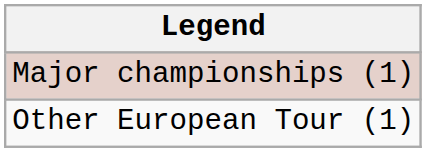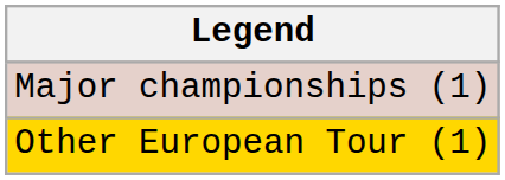 <table class="wikitable" style="font-size:95%;">
 <tr>
 <th>Legend</th>
 </tr>
 <tr style="background:#e5d1cb;">
 <td>Major championships (1)</td>
 </tr>
 <tr>
-<td>Other European Tour (1)</td>
+<td style="background: gold;">Other European Tour (1)</td>
 </tr>
 </table>
